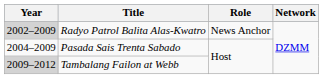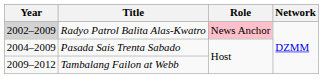 <table class="wikitable sortable">
 <tr bgcolor="#B0C4DE" align="center">
 <th>Year</th>
 <th>Title</th>
 <th>Role</th>
 <th>Network</th>
 </tr>
 <tr>
 <td style="background: lightgrey;">2002–2009</td>
 <td><em>Radyo Patrol Balita Alas-Kwatro</em></td>
-<td>News Anchor</td>
+<td style="background: pink;">News Anchor</td>
 <td rowspan="3"><a href='#'>DZMM</a></td>
 </tr>
 <tr>
 <td>2004–2009</td>
 <td><em>Pasada Sais Trenta Sabado</em></td>
 <td rowspan="2">Host</td>
 </tr>
 <tr>
-<td style="background: lightgrey;">2009–2012</td>
+<td>2009–2012</td>
 <td><em>Tambalang Failon at Webb</em></td>
 </tr>
 </table>
